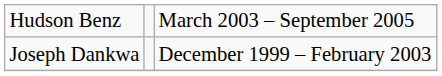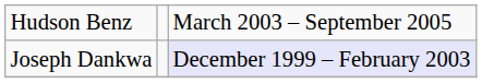 <table class="wikitable">
 <tr>
 <td>Hudson Benz</td>
 <td></td>
 <td>March 2003 – September 2005</td>
 </tr>
 <tr>
 <td>Joseph Dankwa</td>
 <td></td>
-<td>December 1999 – February 2003</td>
+<td style="background: lavender;">December 1999 – February 2003</td>
 </tr>
 <tr>
 </tr>
 </table>
